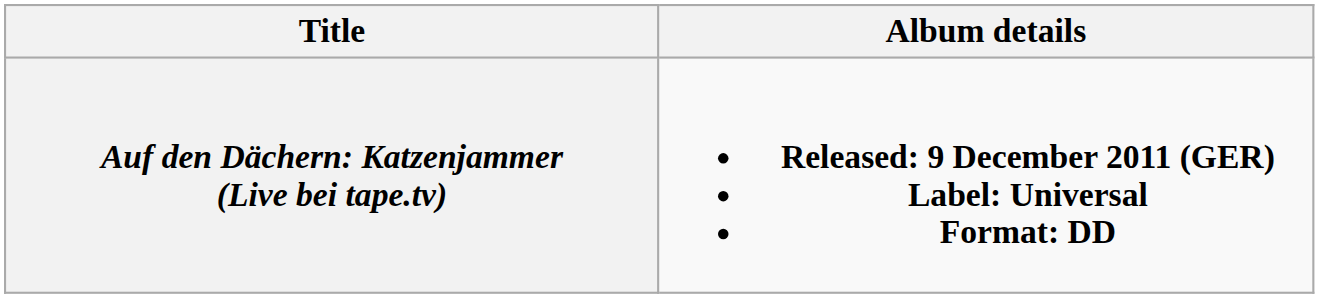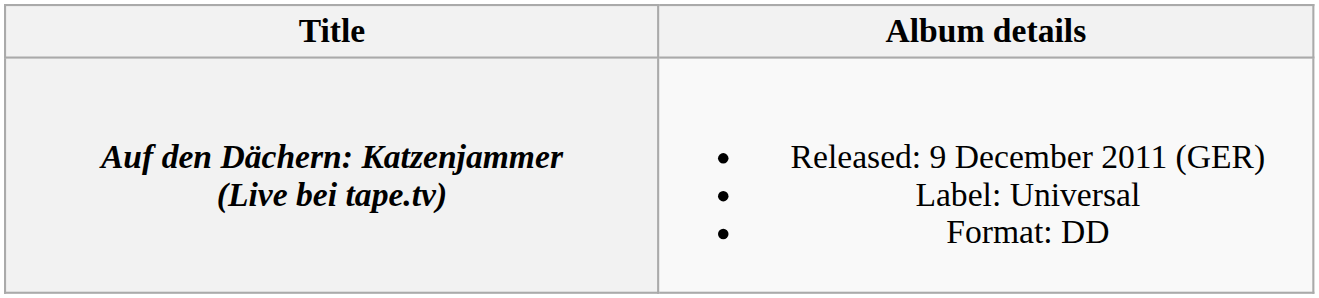 <table class="wikitable plainrowheaders" style="text-align:center;">
 <tr>
 <th scope="col" style="width:19em;">Title</th>
 <th scope="col" style="width:19em;">Album details</th>
 </tr>
 <tr>
 <th scope="row"><em>Auf den Dächern: Katzenjammer<br>(Live bei tape.tv)</em></th>
-<td><strong><br><ul><li>Released: 9 December 2011 <span>(GER)</span></li><li>Label: Universal</li><li>Format: DD</li></ul></strong></td>
+<td><br><ul><li>Released: 9 December 2011 <span>(GER)</span></li><li>Label: Universal</li><li>Format: DD</li></ul></td>
 </tr>
 </table>
